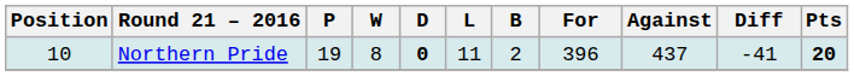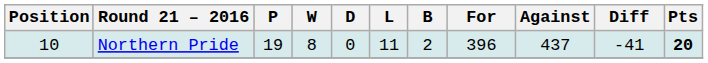 <table class="wikitable" style="text-align:center; font-size:85%;">
 <tr>
 <th width=40 abbr="Position">Position</th>
 <th width=100>Round 21 – 2016</th>
 <th width=20 abbr="Played">P</th>
 <th width=20 abbr="Won">W</th>
 <th width=20 abbr="Drawn">D</th>
 <th width=20 abbr="Lost">L</th>
 <th width=20 abbr="Bye">B</th>
 <th width=40 abbr="Points for">For</th>
 <th width=40 abbr="Points against">Against</th>
 <th width=40 abbr="Points difference">Diff</th>
 <th width=20 abbr="Points">Pts</th>
 </tr>
 <tr style="background: #d7ebed;">
 <td>10</td>
 <td style="text-align:left;"> <a href='#'>Northern Pride</a></td>
 <td>19</td>
 <td>8</td>
-<td><strong>0</strong></td>
+<td>0</td>
 <td>11</td>
 <td>2</td>
 <td>396</td>
 <td>437</td>
 <td>-41</td>
 <td><strong>20</strong></td>
 </tr>
 <tr>
 </tr>
 </table>
